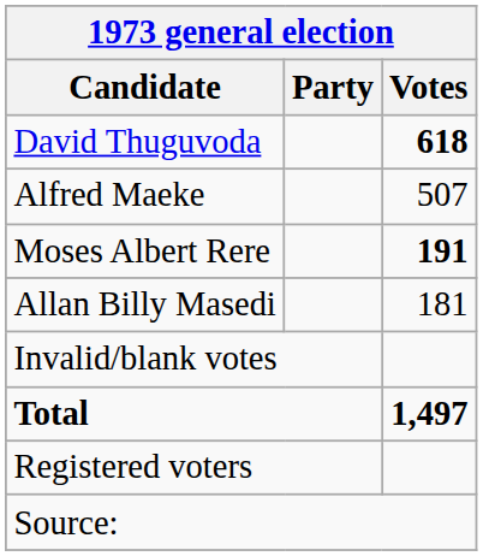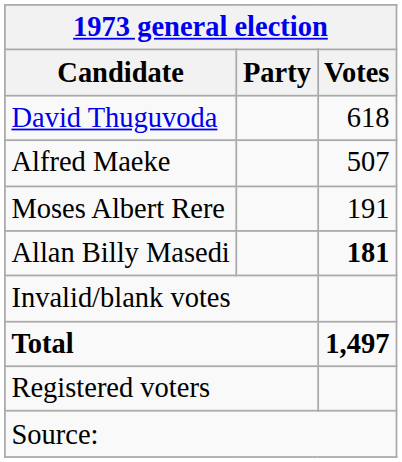 <table class=wikitable style=text-align:left>
 <tr>
 <th colspan=3><a href='#'>1973 general election</a></th>
 </tr>
 <tr>
 <th>Candidate</th>
 <th>Party</th>
 <th>Votes</th>
 </tr>
 <tr>
 <td><a href='#'>David Thuguvoda</a></td>
 <td></td>
-<td align=right><strong>618</strong></td>
+<td align=right>618</td>
 </tr>
 <tr>
 <td>Alfred Maeke</td>
 <td></td>
 <td align=right>507</td>
 </tr>
 <tr>
 <td>Moses Albert Rere</td>
 <td></td>
-<td align=right><strong>191</strong></td>
+<td align=right>191</td>
 </tr>
 <tr>
 <td>Allan Billy Masedi</td>
 <td></td>
-<td align=right>181</td>
+<td align=right><strong>181</strong></td>
 </tr>
 <tr>
 <td colspan=2>Invalid/blank votes</td>
 <td></td>
 </tr>
 <tr>
 <td colspan=2><strong>Total</strong></td>
 <td align=right><strong>1,497</strong></td>
 </tr>
 <tr>
 <td colspan=2>Registered voters</td>
 <td align=right></td>
 </tr>
 <tr>
 <td colspan=3>Source: </td>
 </tr>
 </table>
